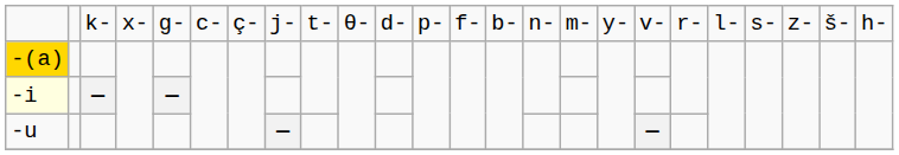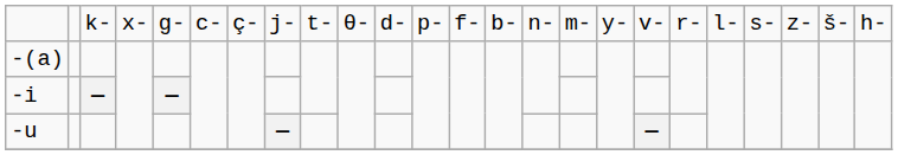 <table class="wikitable">
 <tr>
 <td></td>
 <td></td>
 <td><span>k-</span></td>
 <td><span>x-</span></td>
 <td><span>g-</span></td>
 <td><span>c-</span></td>
 <td><span>ç-</span></td>
 <td><span>j-</span></td>
 <td><span>t-</span></td>
 <td><span>θ-</span></td>
 <td><span>d-</span></td>
 <td><span>p-</span></td>
 <td><span>f-</span></td>
 <td><span>b-</span></td>
 <td><span>n-</span></td>
 <td><span>m-</span></td>
 <td><span>y-</span></td>
 <td><span>v-</span></td>
 <td><span>r-</span></td>
 <td><span>l-</span></td>
 <td><span>s-</span></td>
 <td><span>z-</span></td>
 <td><span>š-</span></td>
 <td><span>h-</span></td>
 </tr>
 <tr>
-<td style="background: gold;"><span>-(a)</span></td>
+<td><span>-(a)</span></td>
 <td></td>
 <td></td>
 <td rowspan=3></td>
 <td></td>
 <td rowspan=3></td>
 <td rowspan=3></td>
 <td></td>
 <td rowspan=2></td>
 <td rowspan=3></td>
 <td></td>
 <td rowspan=3></td>
 <td rowspan=3></td>
 <td rowspan=3></td>
 <td rowspan=2></td>
 <td></td>
 <td rowspan=3></td>
 <td></td>
 <td rowspan=2></td>
 <td rowspan=3></td>
 <td rowspan=3></td>
 <td rowspan=3></td>
 <td rowspan=3></td>
 <td rowspan=3></td>
 </tr>
 <tr>
-<td style="background: lightyellow;"><span>-i</span></td>
+<td><span>-i</span></td>
 <td></td>
 <th><span>—</span></th>
 <th>—</th>
 <td></td>
 <td></td>
 <td></td>
 <td></td>
 </tr>
 <tr>
 <td><span>-u</span></td>
 <td></td>
 <td></td>
 <td></td>
 <th>—</th>
 <td></td>
 <td></td>
 <td></td>
 <td></td>
 <th>—</th>
 <td></td>
 </tr>
 <tr>
 </tr>
 </table>
